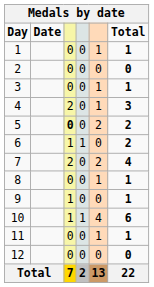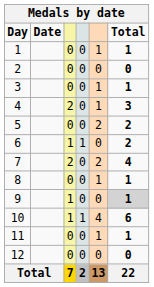 <table class="wikitable" style="font-size:95%">
 <tr style="background:#efefef;">
 <th colspan=6>Medals by date</th>
 </tr>
 <tr style="text-align:center;">
 <td><strong>Day</strong></td>
 <td><strong>Date</strong></td>
 <td style="background:#F7F6A8;"></td>
 <td style="background:#DCE5E5;"></td>
 <td style="background:#FFDAB9;"></td>
 <td><strong>Total</strong></td>
 </tr>
 <tr style="text-align:center;">
 <td>1</td>
 <td></td>
 <td style="background:#F7F6A8;">0</td>
 <td style="background:#DCE5E5;">0</td>
 <td style="background:#FFDAB9;">1</td>
 <td><strong>1</strong></td>
 </tr>
 <tr style="text-align:center;">
 <td>2</td>
 <td></td>
 <td style="background:#F7F6A8;">0</td>
 <td style="background:#DCE5E5;">0</td>
 <td style="background:#FFDAB9;">0</td>
 <td><strong>0</strong></td>
 </tr>
 <tr style="text-align:center;">
 <td>3</td>
 <td></td>
 <td style="background:#F7F6A8;">0</td>
 <td style="background:#DCE5E5;">0</td>
 <td style="background:#FFDAB9;">1</td>
 <td><strong>1</strong></td>
 </tr>
 <tr style="text-align:center;">
 <td>4</td>
 <td></td>
 <td style="background:#F7F6A8;">2</td>
 <td style="background:#DCE5E5;">0</td>
 <td style="background:#FFDAB9;">1</td>
 <td><strong>3</strong></td>
 </tr>
 <tr style="text-align:center;">
 <td>5</td>
 <td></td>
-<td style="background:#F7F6A8;"><strong>0</strong></td>
+<td style="background:#F7F6A8;">0</td>
 <td style="background:#DCE5E5;">0</td>
 <td style="background:#FFDAB9;">2</td>
 <td><strong>2</strong></td>
 </tr>
 <tr style="text-align:center;">
 <td>6</td>
 <td></td>
 <td style="background:#F7F6A8;">1</td>
 <td style="background:#DCE5E5;">1</td>
 <td style="background:#FFDAB9;">0</td>
 <td><strong>2</strong></td>
 </tr>
 <tr style="text-align:center;">
 <td>7</td>
 <td></td>
 <td style="background:#F7F6A8;">2</td>
 <td style="background:#DCE5E5;">0</td>
 <td style="background:#FFDAB9;">2</td>
 <td><strong>4</strong></td>
 </tr>
 <tr style="text-align:center;">
 <td>8</td>
 <td></td>
 <td style="background:#F7F6A8;">0</td>
 <td style="background:#DCE5E5;">0</td>
 <td style="background:#FFDAB9;">1</td>
 <td><strong>1</strong></td>
 </tr>
 <tr style="text-align:center;">
 <td>9</td>
 <td></td>
 <td style="background:#F7F6A8;">1</td>
 <td style="background:#DCE5E5;">0</td>
 <td style="background:#FFDAB9;">0</td>
-<td><strong>1</strong></td>
+<td style="background: lightgrey;"><strong>1</strong></td>
 </tr>
 <tr style="text-align:center;">
 <td>10</td>
 <td></td>
 <td style="background:#F7F6A8;">1</td>
 <td style="background:#DCE5E5;">1</td>
 <td style="background:#FFDAB9;">4</td>
 <td><strong>6</strong></td>
 </tr>
 <tr style="text-align:center;">
 <td>11</td>
 <td></td>
 <td style="background:#F7F6A8;">0</td>
 <td style="background:#DCE5E5;">0</td>
 <td style="background:#FFDAB9;">1</td>
 <td><strong>1</strong></td>
 </tr>
 <tr style="text-align:center;">
 <td>12</td>
 <td></td>
 <td style="background:#F7F6A8;">0</td>
 <td style="background:#DCE5E5;">0</td>
 <td style="background:#FFDAB9;">0</td>
 <td><strong>0</strong></td>
 </tr>
 <tr>
 <th colspan="2">Total</th>
 <th style="background:gold;">7</th>
 <th style="background:silver;">2</th>
 <th style="background:#c96;">13</th>
 <th>22</th>
 </tr>
 </table>
